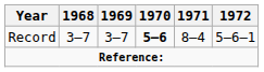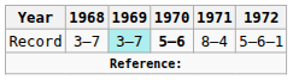 <table class="wikitable" style="text-align: center">
 <tr align=center>
 <th>Year</th>
 <th>1968</th>
 <th>1969</th>
 <th>1970</th>
 <th>1971</th>
 <th>1972</th>
 </tr>
 <tr align=center>
 <td>Record</td>
 <td>3–7</td>
-<td>3–7</td>
+<td style="background: paleturquoise;">3–7</td>
 <td><strong>5–6</strong></td>
 <td>8–4</td>
 <td>5–6–1</td>
 </tr>
 <tr align=center>
 <td colspan="6"  style="font-size:8pt; text-align:center;"><strong>Reference:</strong></td>
 </tr>
 </table>
